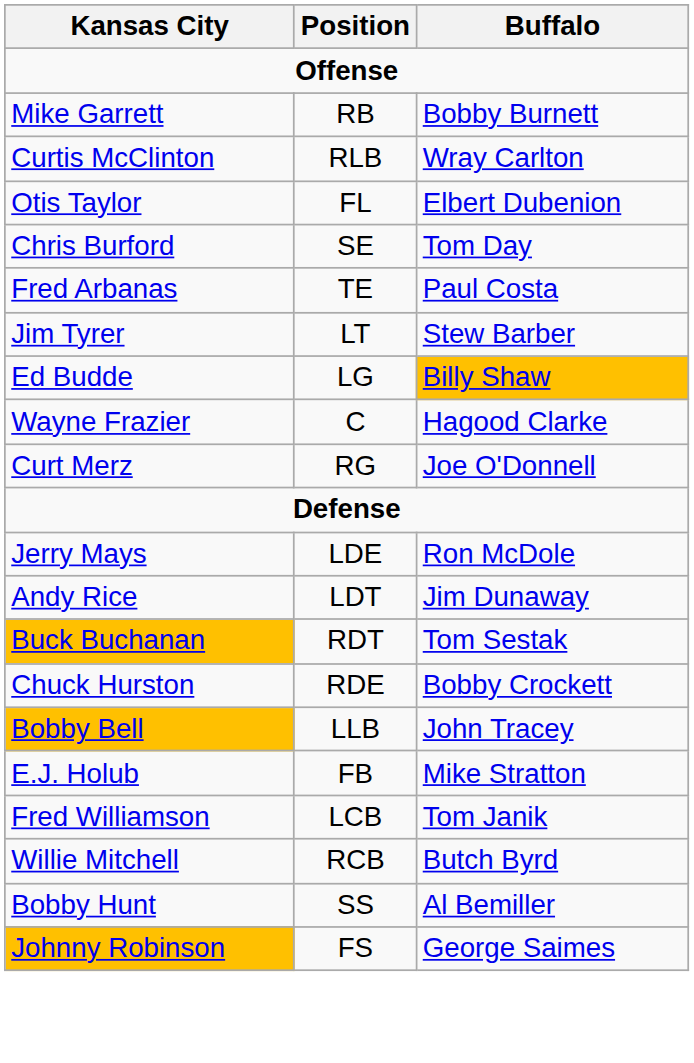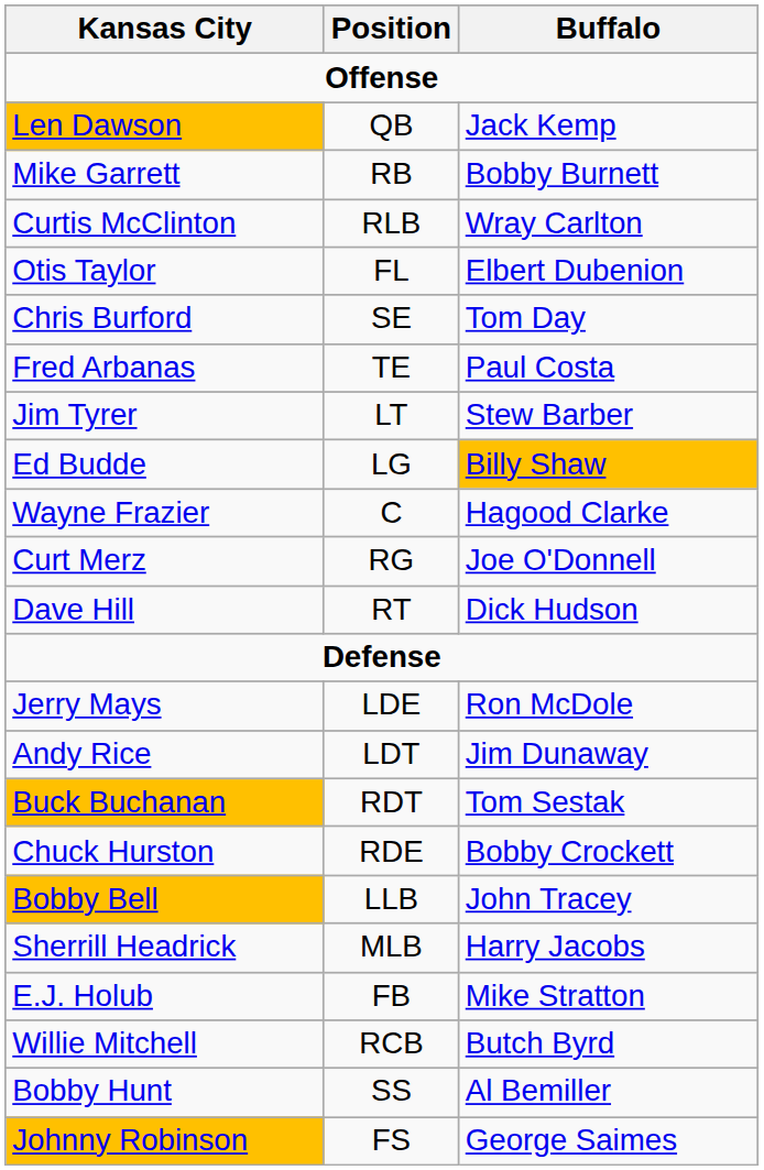 <table class="wikitable">
 <tr>
 <th style="width:160px;">Kansas City</th>
 <th>Position</th>
 <th style="width:150px;">Buffalo</th>
 </tr>
 <tr>
 <td colspan="3" style="text-align:center;"><strong>Offense</strong></td>
+</tr>
+<tr>
+<td bgcolor="#FFCC00;"><a href='#'>Len Dawson</a></td>
+<td style="text-align:center;">QB</td>
+<td><a href='#'>Jack Kemp</a></td>
 </tr>
 <tr>
 <td><a href='#'>Mike Garrett</a></td>
 <td style="text-align:center;">RB</td>
 <td><a href='#'>Bobby Burnett</a></td>
 </tr>
 <tr>
 <td><a href='#'>Curtis McClinton</a></td>
 <td style="text-align:center;">RLB</td>
 <td><a href='#'>Wray Carlton</a></td>
 </tr>
 <tr>
 <td><a href='#'>Otis Taylor</a></td>
 <td style="text-align:center;">FL</td>
 <td><a href='#'>Elbert Dubenion</a></td>
 </tr>
 <tr>
 <td><a href='#'>Chris Burford</a></td>
 <td style="text-align:center;">SE</td>
 <td><a href='#'>Tom Day</a></td>
 </tr>
 <tr>
 <td><a href='#'>Fred Arbanas</a></td>
 <td style="text-align:center;">TE</td>
 <td><a href='#'>Paul Costa</a></td>
 </tr>
 <tr>
 <td><a href='#'>Jim Tyrer</a></td>
 <td style="text-align:center;">LT</td>
 <td><a href='#'>Stew Barber</a></td>
 </tr>
 <tr>
 <td><a href='#'>Ed Budde</a></td>
 <td style="text-align:center;">LG</td>
 <td bgcolor="#FFCC00;"><a href='#'>Billy Shaw</a></td>
 </tr>
 <tr>
 <td><a href='#'>Wayne Frazier</a></td>
 <td style="text-align:center;">C</td>
 <td><a href='#'>Hagood Clarke</a></td>
 </tr>
 <tr>
 <td><a href='#'>Curt Merz</a></td>
 <td style="text-align:center;">RG</td>
 <td><a href='#'>Joe O'Donnell</a></td>
 </tr>
 <tr>
+<td><a href='#'>Dave Hill</a></td>
+<td style="text-align:center;">RT</td>
+<td><a href='#'>Dick Hudson</a></td>
+</tr>
+<tr>
 <td colspan="3" style="text-align:center;"><strong>Defense</strong></td>
 </tr>
 <tr>
 <td><a href='#'>Jerry Mays</a></td>
 <td style="text-align:center;">LDE</td>
 <td><a href='#'>Ron McDole</a></td>
 </tr>
 <tr>
 <td><a href='#'>Andy Rice</a></td>
 <td style="text-align:center;">LDT</td>
 <td><a href='#'>Jim Dunaway</a></td>
 </tr>
 <tr>
 <td bgcolor="#FFCC00;"><a href='#'>Buck Buchanan</a></td>
 <td style="text-align:center;">RDT</td>
 <td><a href='#'>Tom Sestak</a></td>
 </tr>
 <tr>
 <td><a href='#'>Chuck Hurston</a></td>
 <td style="text-align:center;">RDE</td>
 <td><a href='#'>Bobby Crockett</a></td>
 </tr>
 <tr>
 <td bgcolor="#FFCC00;"><a href='#'>Bobby Bell</a></td>
 <td style="text-align:center;">LLB</td>
 <td><a href='#'>John Tracey</a></td>
 </tr>
 <tr>
+<td><a href='#'>Sherrill Headrick</a></td>
+<td style="text-align:center;">MLB</td>
+<td><a href='#'>Harry Jacobs</a></td>
+</tr>
+<tr>
 <td><a href='#'>E.J. Holub</a></td>
 <td style="text-align:center;">FB</td>
 <td><a href='#'>Mike Stratton</a></td>
-</tr>
-<tr>
-<td><a href='#'>Fred Williamson</a></td>
-<td style="text-align:center;">LCB</td>
-<td><a href='#'>Tom Janik</a></td>
 </tr>
 <tr>
 <td><a href='#'>Willie Mitchell</a></td>
 <td style="text-align:center;">RCB</td>
 <td><a href='#'>Butch Byrd</a></td>
 </tr>
 <tr>
 <td><a href='#'>Bobby Hunt</a></td>
 <td style="text-align:center;">SS</td>
 <td><a href='#'>Al Bemiller</a></td>
 </tr>
 <tr>
 <td bgcolor="#FFCC00;"><a href='#'>Johnny Robinson</a></td>
 <td style="text-align:center;">FS</td>
 <td><a href='#'>George Saimes</a></td>
 </tr>
 </table>
